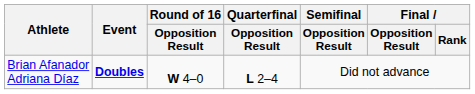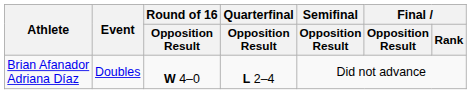 <table class=wikitable style=font-size:90%;text-align:center>
 <tr>
 <th rowspan=2>Athlete</th>
 <th rowspan=2>Event</th>
 <th>Round of 16</th>
 <th>Quarterfinal</th>
 <th>Semifinal</th>
 <th colspan=2>Final / </th>
 </tr>
 <tr style=font-size:95%>
 <th>Opposition<br>Result</th>
 <th>Opposition<br>Result</th>
 <th>Opposition<br>Result</th>
 <th>Opposition<br>Result</th>
 <th>Rank</th>
 </tr>
 <tr>
 <td align=left><a href='#'>Brian Afanador</a><br><a href='#'>Adriana Díaz</a></td>
-<td align=left><strong><a href='#'>Doubles</a></strong></td>
+<td align=left><a href='#'>Doubles</a></td>
 <td><br><strong>W</strong> 4–0</td>
 <td><br><strong>L</strong> 2–4</td>
 <td colspan=3>Did not advance</td>
 </tr>
 </table>
